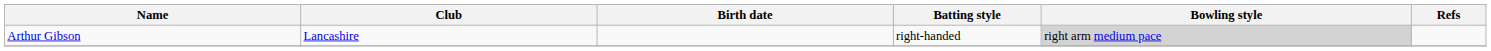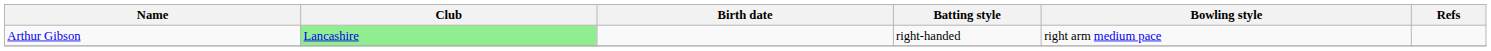 <table class="wikitable plainrowheaders" style="font-size:95%; width:90%;">
 <tr>
 <th scope="col" width="20%"><strong>Name</strong></th>
 <th scope="col" width="20%"><strong>Club</strong></th>
 <th scope="col" width="20%"><strong>Birth date</strong></th>
 <th scope="col" width="10%"><strong>Batting style</strong></th>
 <th scope="col" width="25%"><strong>Bowling style</strong></th>
 <th scope="col" width="5%"><strong>Refs</strong></th>
 </tr>
 <tr>
 <td><a href='#'>Arthur Gibson</a></td>
-<td><a href='#'>Lancashire</a></td>
+<td style="background: lightgreen;"><a href='#'>Lancashire</a></td>
 <td></td>
 <td>right-handed</td>
-<td style="background: lightgrey;">right arm <a href='#'>medium pace</a></td>
+<td>right arm <a href='#'>medium pace</a></td>
 <td></td>
 </tr>
 <tr>
 </tr>
 </table>
